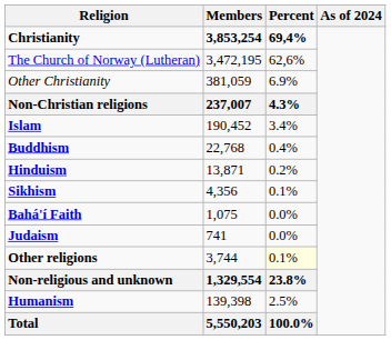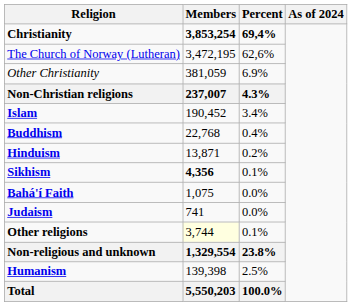 <table class="wikitable">
 <tr>
 <th>Religion</th>
 <th>Members</th>
 <th>Percent</th>
 <th>As of 2024</th>
 </tr>
 <tr>
 <td><strong>Christianity</strong></td>
 <td><strong>3,853,254</strong></td>
 <td><strong>69,4%</strong></td>
 </tr>
 <tr>
 <td><a href='#'>The Church of Norway (Lutheran)</a></td>
 <td>3,472,195</td>
 <td>62,6%</td>
 </tr>
 <tr>
 <td><em>Other Christianity</em></td>
 <td>381,059</td>
 <td>6.9%</td>
 </tr>
 <tr>
 <th style="text-align:left">Non-Christian religions</th>
 <th style="text-align:left">237,007</th>
 <th style="text-align:left">4.3%</th>
 </tr>
 <tr>
 <td><strong><a href='#'>Islam</a></strong></td>
 <td>190,452</td>
 <td>3.4%</td>
 </tr>
 <tr>
 <td><strong><a href='#'>Buddhism</a></strong></td>
 <td>22,768</td>
 <td>0.4%</td>
 </tr>
 <tr>
 <td><strong><a href='#'>Hinduism</a></strong></td>
 <td>13,871</td>
 <td>0.2%</td>
 </tr>
 <tr>
 <td><strong><a href='#'>Sikhism</a></strong></td>
-<td>4,356</td>
+<td><strong>4,356</strong></td>
 <td>0.1%</td>
 </tr>
 <tr>
 <td><strong><a href='#'>Bahá'í Faith</a></strong></td>
 <td>1,075</td>
 <td>0.0%</td>
 </tr>
 <tr>
 <td><strong><a href='#'>Judaism</a></strong></td>
 <td>741</td>
 <td>0.0%</td>
 </tr>
 <tr>
 <td><strong>Other religions</strong></td>
-<td>3,744</td>
-<td style="background: lightyellow;">0.1%</td>
+<td style="background: lightyellow;">3,744</td>
+<td>0.1%</td>
 </tr>
 <tr>
 <th style="text-align:left">Non-religious and unknown</th>
 <th style="text-align:left">1,329,554</th>
 <th style="text-align:left">23.8%</th>
 </tr>
 <tr>
 <td><strong><a href='#'>Humanism</a></strong></td>
 <td>139,398</td>
 <td>2.5%</td>
 </tr>
 <tr>
 <th style="text-align:left">Total</th>
 <th style="text-align:left">5,550,203</th>
 <th style="text-align:left">100.0%</th>
 </tr>
 </table>
